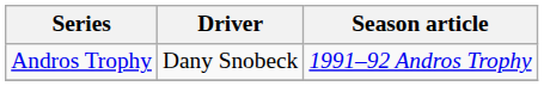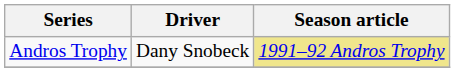 <table class="wikitable" style="font-size: 87%;">
 <tr>
 <th>Series</th>
 <th>Driver</th>
 <th>Season article</th>
 </tr>
 <tr>
 <td><a href='#'>Andros Trophy</a></td>
 <td> Dany Snobeck</td>
-<td><em><a href='#'>1991–92 Andros Trophy</a></em></td>
+<td style="background: khaki;"><em><a href='#'>1991–92 Andros Trophy</a></em></td>
 </tr>
 <tr>
 </tr>
 </table>
